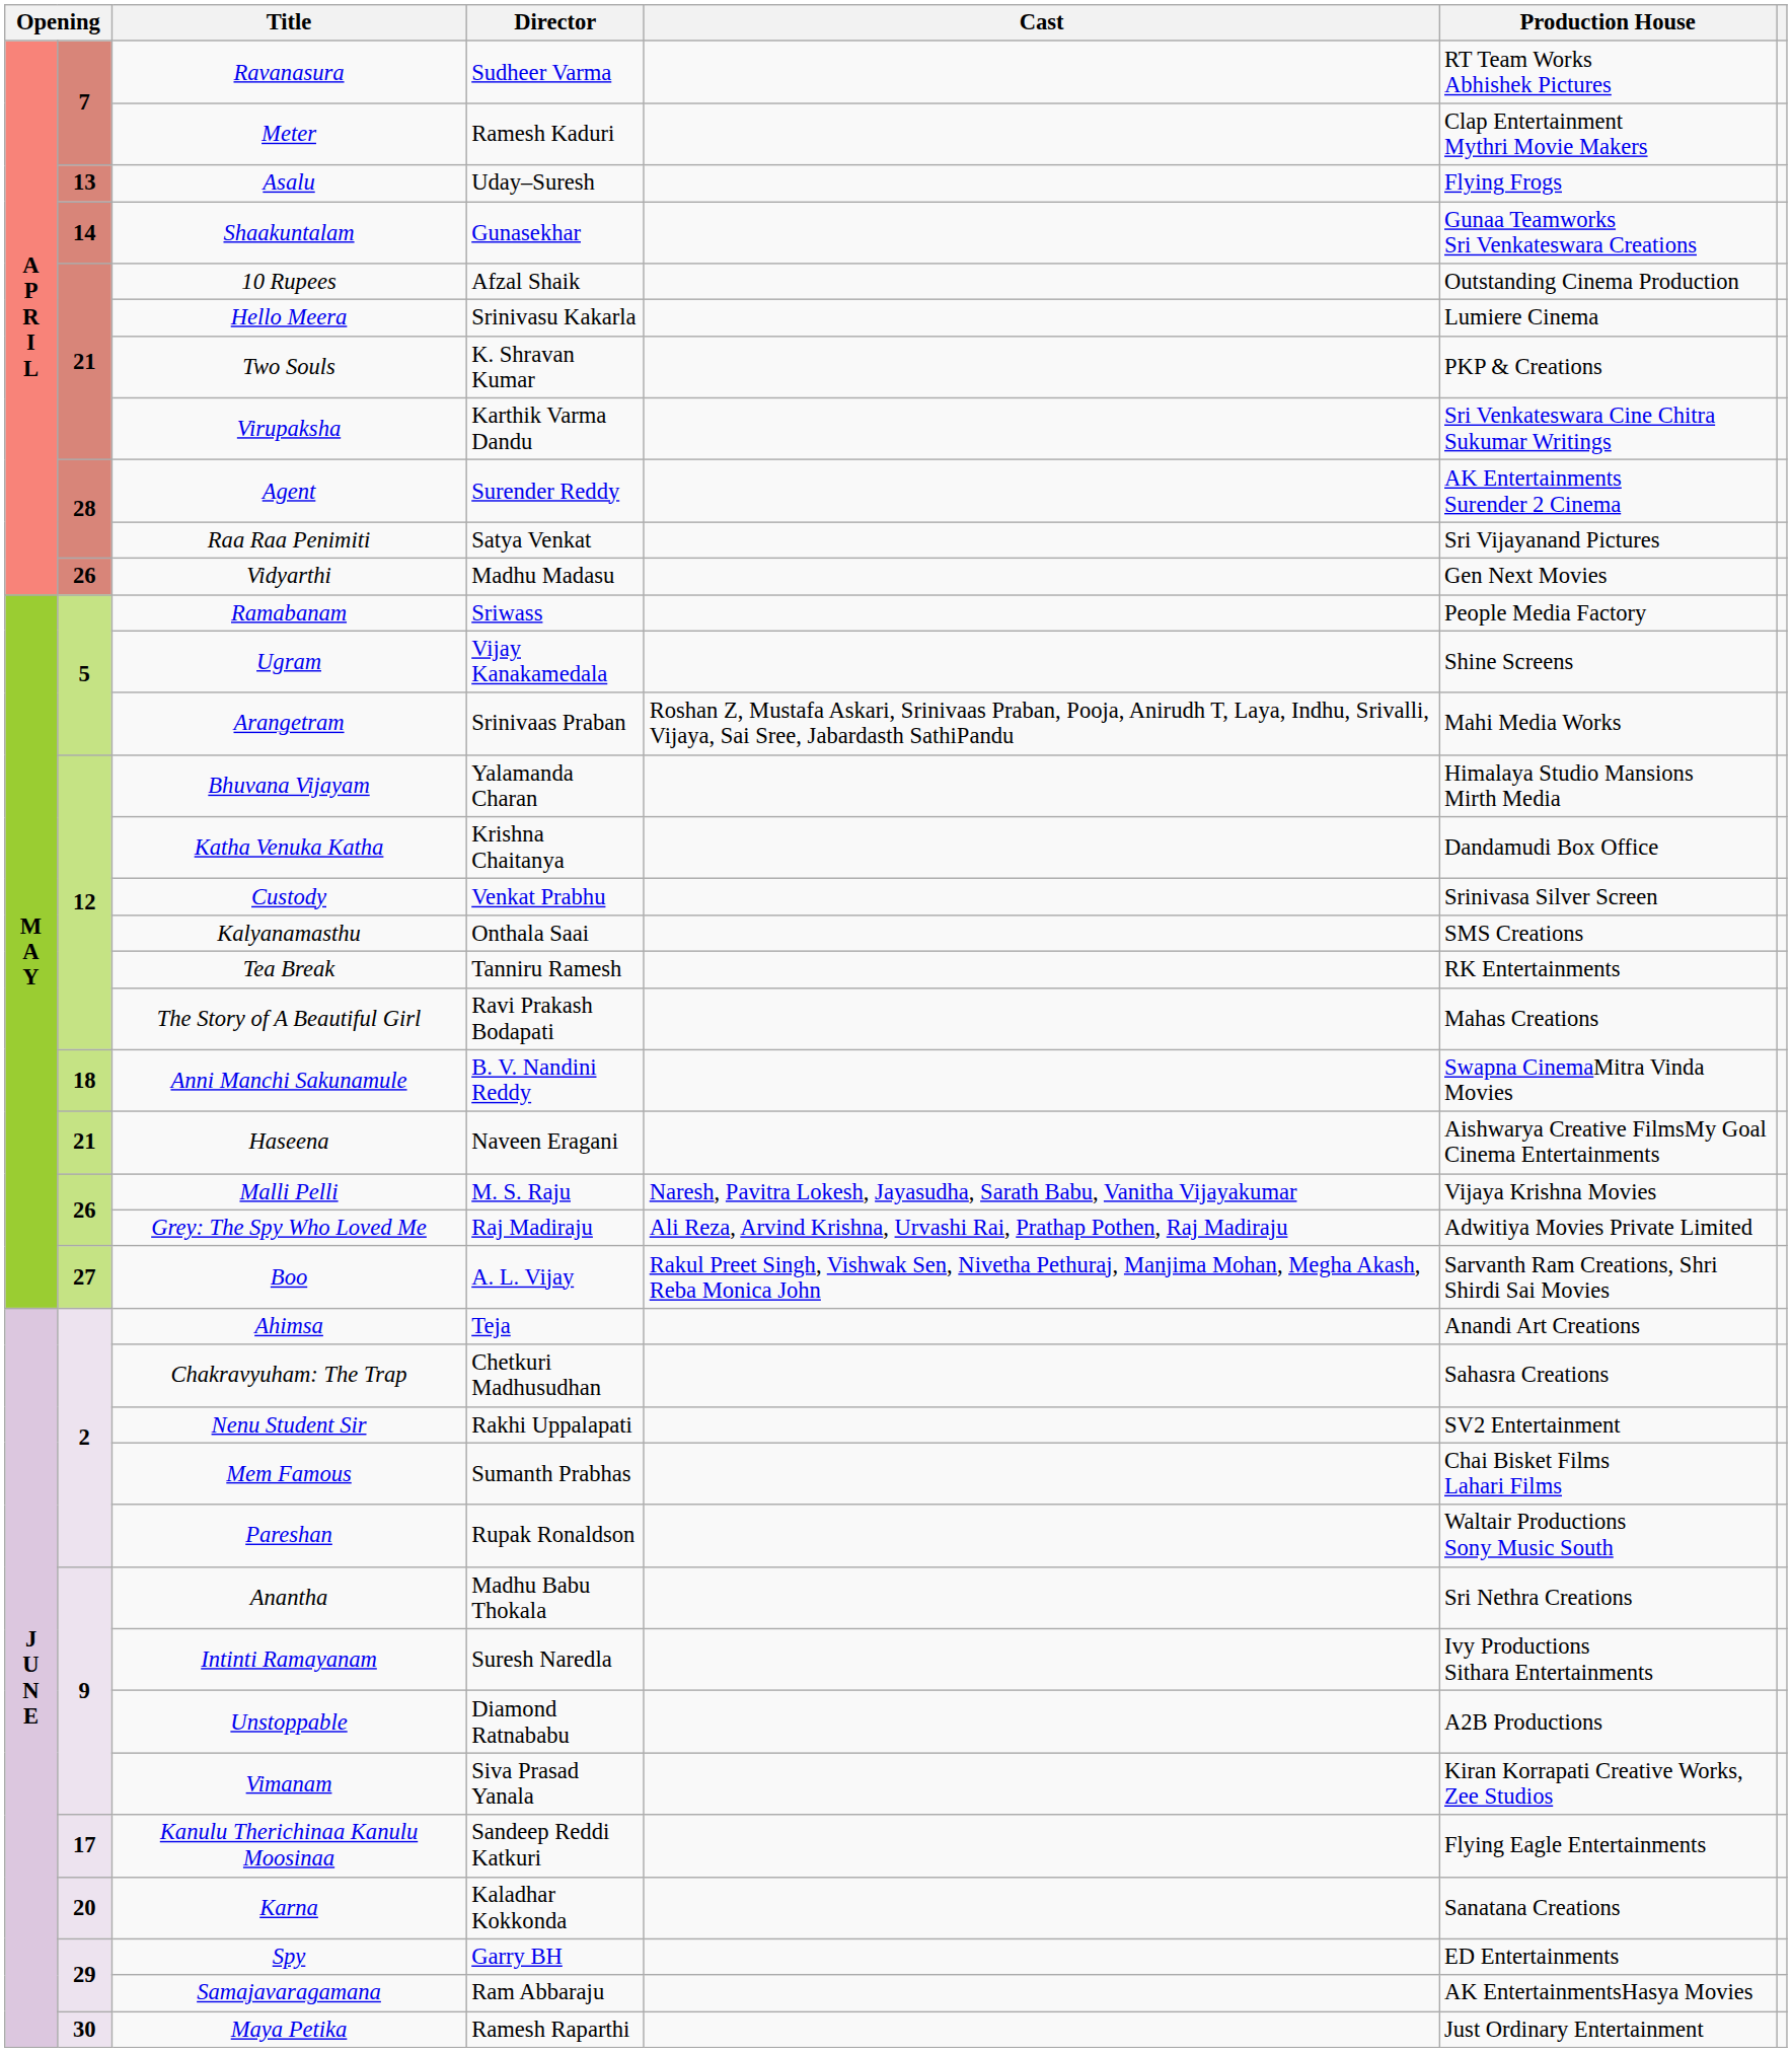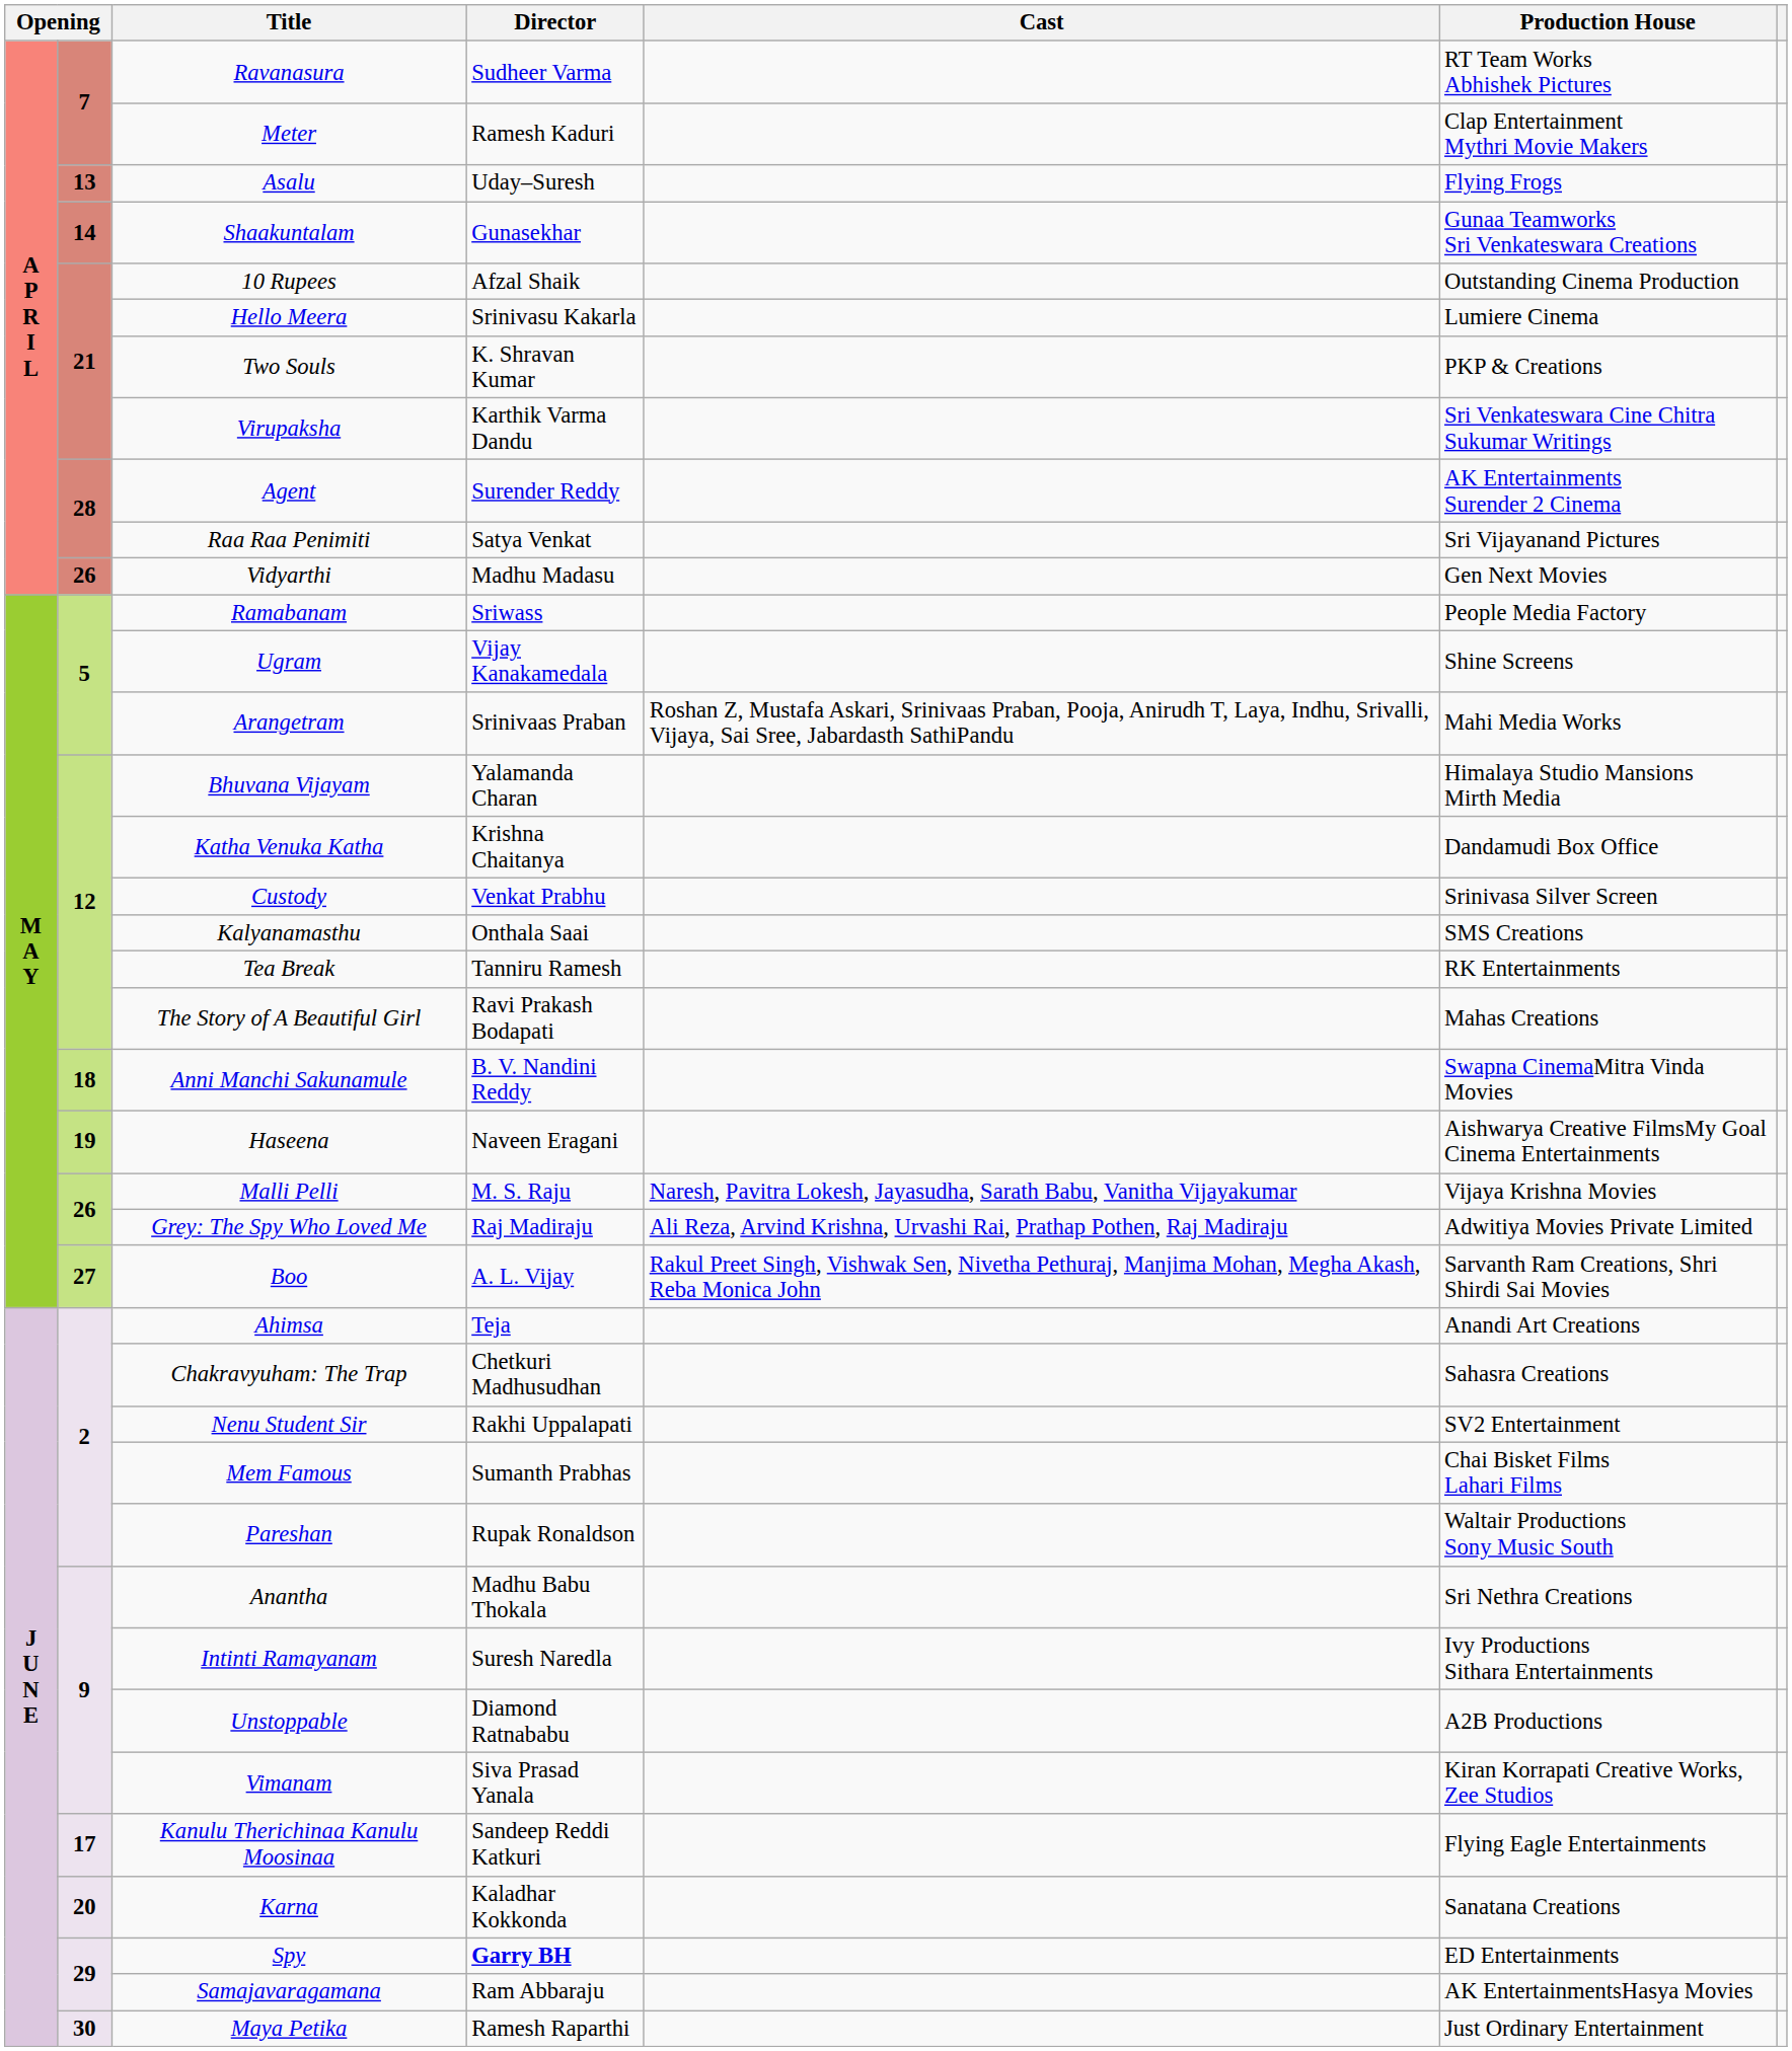 <table class="wikitable sortable">
 <tr>
 <th colspan="2" style="width:6%;"><strong>Opening</strong></th>
 <th style="width:20%;"><strong>Title</strong></th>
 <th style="width:10%;"><strong>Director</strong></th>
 <th style="width:45%;"><strong>Cast</strong></th>
 <th style="width:30%;"><strong>Production House</strong></th>
 <th style="width:1%;" class="unsortable"></th>
 </tr>
 <tr April!>
 <th rowspan="11" style="text-align:center; background:#F88379; textcolor:#000;"><strong>A<br>P<br>R<br>I<br>L</strong></th>
 <td rowspan="2"; style="text-align:center; background:#d88579;"><strong>7</strong></td>
 <td style="text-align:center;"><em><a href='#'>Ravanasura</a></em></td>
 <td><a href='#'>Sudheer Varma</a></td>
 <td></td>
 <td>RT Team Works<br><a href='#'>Abhishek Pictures</a></td>
 <td></td>
 </tr>
 <tr>
 <td style="text-align:center;"><a href='#'><em>Meter</em></a></td>
 <td>Ramesh Kaduri</td>
 <td></td>
 <td>Clap Entertainment<br><a href='#'>Mythri Movie Makers</a></td>
 <td></td>
 </tr>
 <tr>
 <td style="text-align:center; background:#d88579;"><strong>13</strong></td>
 <td style="text-align:center;"><em><a href='#'>Asalu</a></em></td>
 <td>Uday–Suresh</td>
 <td></td>
 <td><a href='#'>Flying Frogs</a></td>
 <td style="text-align:center;"></td>
 </tr>
 <tr>
 <td rowspan="1"; style="text-align:center; background:#d88579;"><strong>14</strong></td>
 <td style="text-align:center;"><em><a href='#'>Shaakuntalam</a></em></td>
 <td><a href='#'>Gunasekhar</a></td>
 <td></td>
 <td><a href='#'>Gunaa Teamworks</a><br><a href='#'>Sri Venkateswara Creations</a></td>
 <td></td>
 </tr>
 <tr>
 <td rowspan="4" style="text-align:center; background:#d88579;" ;><strong>21</strong></td>
 <td style="text-align:center;"><em>10 Rupees</em></td>
 <td>Afzal Shaik</td>
 <td></td>
 <td>Outstanding Cinema Production</td>
 <td></td>
 </tr>
 <tr>
 <td style="text-align:center;"><em><a href='#'>Hello Meera</a></em></td>
 <td>Srinivasu Kakarla</td>
 <td></td>
 <td>Lumiere Cinema</td>
 <td></td>
 </tr>
 <tr>
 <td style="text-align:center;"><em>Two Souls</em></td>
 <td>K. Shravan Kumar</td>
 <td></td>
 <td>PKP & Creations</td>
 <td></td>
 </tr>
 <tr>
 <td style="text-align:center;"><em><a href='#'>Virupaksha</a></em></td>
 <td>Karthik Varma Dandu</td>
 <td></td>
 <td><a href='#'>Sri Venkateswara Cine Chitra</a><br><a href='#'>Sukumar Writings</a></td>
 <td></td>
 </tr>
 <tr>
 <td rowspan="2"; style="text-align:center; background:#d88579;"><strong>28</strong></td>
 <td style="text-align:center;"><em><a href='#'>Agent</a></em></td>
 <td><a href='#'>Surender Reddy</a></td>
 <td></td>
 <td><a href='#'>AK Entertainments</a><br><a href='#'>Surender 2 Cinema</a></td>
 <td></td>
 </tr>
 <tr>
 <td style="text-align:center;"><em>Raa Raa Penimiti</em></td>
 <td>Satya Venkat</td>
 <td></td>
 <td>Sri Vijayanand Pictures</td>
 <td></td>
 </tr>
 <tr>
 <td style="text-align:center; background:#d88579;"><strong>26</strong></td>
 <td style="text-align:center;"><em>Vidyarthi</em></td>
 <td>Madhu Madasu</td>
 <td></td>
 <td>Gen Next Movies</td>
 <td></td>
 </tr>
 <tr>
 <td rowspan="14" style="text-align:center; background: #9ACD32; textcolor:#000;"><strong>M<br>A<br>Y</strong></td>
 <td rowspan="3" style="text-align:center; background:#C5E384;" ;><strong>5</strong></td>
 <td style="text-align:center;"><em><a href='#'>Ramabanam</a></em></td>
 <td><a href='#'>Sriwass</a></td>
 <td></td>
 <td>People Media Factory</td>
 <td></td>
 </tr>
 <tr>
 <td style="text-align:center;"><em><a href='#'>Ugram</a></em></td>
 <td><a href='#'>Vijay Kanakamedala</a></td>
 <td></td>
 <td>Shine Screens</td>
 <td></td>
 </tr>
 <tr>
 <td style="text-align:center;"><em><a href='#'>Arangetram</a></em></td>
 <td>Srinivaas Praban</td>
 <td>Roshan Z, Mustafa Askari,  Srinivaas Praban, Pooja, Anirudh T, Laya, Indhu, Srivalli, Vijaya, Sai Sree, Jabardasth SathiPandu</td>
 <td>Mahi Media Works</td>
 <td></td>
 </tr>
 <tr>
 <td rowspan="6"; style="text-align:center; background:#C5E384" ;><strong>12</strong></td>
 <td style="text-align:center;"><em><a href='#'>Bhuvana Vijayam</a></em></td>
 <td>Yalamanda Charan</td>
 <td></td>
 <td>Himalaya Studio Mansions <br> Mirth Media</td>
 <td></td>
 </tr>
 <tr>
 <td style="text-align:center;"><em><a href='#'>Katha Venuka Katha</a></em></td>
 <td>Krishna Chaitanya</td>
 <td></td>
 <td>Dandamudi Box Office</td>
 <td></td>
 </tr>
 <tr>
 <td style="text-align:center;"><em><a href='#'>Custody</a></em></td>
 <td><a href='#'>Venkat Prabhu</a></td>
 <td></td>
 <td>Srinivasa Silver Screen</td>
 <td></td>
 </tr>
 <tr>
 <td style="text-align:center;"><em>Kalyanamasthu</em></td>
 <td>Onthala Saai</td>
 <td></td>
 <td>SMS Creations</td>
 <td></td>
 </tr>
 <tr>
 <td style="text-align:center;"><em>Tea Break</em></td>
 <td>Tanniru Ramesh</td>
 <td></td>
 <td>RK Entertainments</td>
 <td></td>
 </tr>
 <tr>
 <td style="text-align:center;"><em>The Story of A Beautiful Girl</em></td>
 <td>Ravi Prakash Bodapati</td>
 <td></td>
 <td>Mahas Creations</td>
 <td></td>
 </tr>
 <tr>
 <td style="text-align:center; background:#C5E384" ;><strong>18</strong></td>
 <td style="text-align:center;"><em><a href='#'>Anni Manchi Sakunamule</a></em></td>
 <td><a href='#'>B. V. Nandini Reddy</a></td>
 <td></td>
 <td><a href='#'>Swapna Cinema</a>Mitra Vinda Movies</td>
 <td></td>
 </tr>
 <tr>
-<td rowspan="1"; style="text-align:center; background:#C5E384"><strong>21</strong></td>
+<td rowspan="1"; style="text-align:center; background:#C5E384"><strong>19</strong></td>
 <td style="text-align:center;"><em>Haseena</em></td>
 <td>Naveen Eragani</td>
 <td></td>
 <td>Aishwarya Creative FilmsMy Goal Cinema Entertainments</td>
 <td></td>
 </tr>
 <tr>
 <td rowspan="2" style="text-align:center; background:#C5E384;" ;><strong>26</strong></td>
 <td style="text-align:center;"><em><a href='#'>Malli Pelli</a></em></td>
 <td><a href='#'>M. S. Raju</a></td>
 <td><a href='#'>Naresh</a>, <a href='#'>Pavitra Lokesh</a>, <a href='#'>Jayasudha</a>, <a href='#'>Sarath Babu</a>, <a href='#'>Vanitha Vijayakumar</a></td>
 <td>Vijaya Krishna Movies</td>
 <td></td>
 </tr>
 <tr>
 <td style="text-align:center;"><em><a href='#'>Grey: The Spy Who Loved Me</a></em></td>
 <td><a href='#'>Raj Madiraju</a></td>
 <td><a href='#'>Ali Reza</a>, <a href='#'>Arvind Krishna</a>, <a href='#'>Urvashi Rai</a>, <a href='#'>Prathap Pothen</a>, <a href='#'>Raj Madiraju</a></td>
 <td>Adwitiya Movies Private Limited</td>
 <td></td>
 </tr>
 <tr>
 <td rowspan="1" style="text-align:center; background:#C5E384;" ;><strong>27</strong></td>
 <td style="text-align:center;"><em><a href='#'>Boo</a></em></td>
 <td><a href='#'>A. L. Vijay</a></td>
 <td><a href='#'>Rakul Preet Singh</a>, <a href='#'>Vishwak Sen</a>, <a href='#'>Nivetha Pethuraj</a>, <a href='#'>Manjima Mohan</a>, <a href='#'>Megha Akash</a>, <a href='#'>Reba Monica John</a></td>
 <td>Sarvanth Ram Creations, Shri Shirdi Sai Movies</td>
 <td></td>
 </tr>
 <tr>
 <td rowspan="14" style="text-align:center; background:#dcc7df; textcolor:#000;"><strong>J<br>U<br>N<br>E</strong></td>
 <td rowspan="5"; style="text-align:center; background:#ede3ef;"><strong>2</strong></td>
 <td style="text-align:center;"><em><a href='#'>Ahimsa</a></em></td>
 <td><a href='#'>Teja</a></td>
 <td></td>
 <td>Anandi Art Creations</td>
 <td></td>
 </tr>
 <tr>
 <td style="text-align:center;"><em>Chakravyuham: The Trap</em></td>
 <td>Chetkuri Madhusudhan</td>
 <td></td>
 <td>Sahasra Creations</td>
 <td></td>
 </tr>
 <tr>
 <td style="text-align:center;"><em><a href='#'>Nenu Student Sir</a></em></td>
 <td>Rakhi Uppalapati</td>
 <td></td>
 <td>SV2 Entertainment</td>
 <td></td>
 </tr>
 <tr>
 <td style="text-align:center;"><em><a href='#'>Mem Famous</a></em></td>
 <td>Sumanth Prabhas</td>
 <td></td>
 <td>Chai Bisket Films<br><a href='#'>Lahari Films</a></td>
 <td></td>
 </tr>
 <tr>
 <td style="text-align:center;"><em><a href='#'>Pareshan</a></em></td>
 <td>Rupak Ronaldson</td>
 <td></td>
 <td>Waltair Productions<br><a href='#'>Sony Music South</a></td>
 <td></td>
 </tr>
 <tr>
 <td rowspan="4" style="text-align:center; background:#ede3ef;" ;><strong>9</strong></td>
 <td style="text-align:center;"><em>Anantha</em></td>
 <td>Madhu Babu Thokala</td>
 <td></td>
 <td>Sri Nethra Creations</td>
 <td></td>
 </tr>
 <tr>
 <td style="text-align:center;"><em><a href='#'>Intinti Ramayanam</a></em></td>
 <td>Suresh Naredla</td>
 <td></td>
 <td>Ivy Productions <br> Sithara Entertainments</td>
 <td></td>
 </tr>
 <tr>
 <td style="text-align:center;"><em><a href='#'>Unstoppable</a></em></td>
 <td>Diamond Ratnababu</td>
 <td></td>
 <td>A2B Productions</td>
 <td></td>
 </tr>
 <tr>
 <td style="text-align:center;"><em><a href='#'>Vimanam</a></em></td>
 <td>Siva Prasad Yanala</td>
 <td></td>
 <td>Kiran Korrapati Creative Works, <a href='#'>Zee Studios</a></td>
 <td></td>
 </tr>
 <tr>
 <td style="text-align:center; background:#ede3ef;"><strong>17</strong></td>
 <td style="text-align:center;"><em><a href='#'>Kanulu Therichinaa Kanulu Moosinaa</a></em></td>
 <td>Sandeep Reddi Katkuri</td>
 <td></td>
 <td>Flying Eagle Entertainments</td>
 <td></td>
 </tr>
 <tr>
 <td rowspan="1"; style="text-align:center; background:#ede3ef;"><strong>20</strong></td>
 <td style="text-align:center;"><em><a href='#'>Karna</a></em></td>
 <td>Kaladhar Kokkonda</td>
 <td></td>
 <td>Sanatana Creations</td>
 <td></td>
 </tr>
 <tr>
 <td rowspan="2" style="text-align:center; background:#ede3ef;" ;><strong>29</strong></td>
 <td style="text-align:center;"><em><a href='#'>Spy</a></em></td>
-<td><a href='#'>Garry BH</a></td>
+<td><strong><a href='#'>Garry BH</a></strong></td>
 <td></td>
 <td>ED Entertainments</td>
 <td></td>
 </tr>
 <tr>
 <td style="text-align:center;"><em><a href='#'>Samajavaragamana</a></em></td>
 <td>Ram Abbaraju</td>
 <td></td>
 <td>AK EntertainmentsHasya Movies</td>
 <td></td>
 </tr>
 <tr>
 <td rowspan="1"; style="text-align:center; background:#ede3ef;"><strong>30</strong></td>
 <td style="text-align:center;"><em><a href='#'>Maya Petika</a></em></td>
 <td>Ramesh Raparthi</td>
 <td></td>
 <td>Just Ordinary Entertainment</td>
 <td></td>
 </tr>
 </table>
